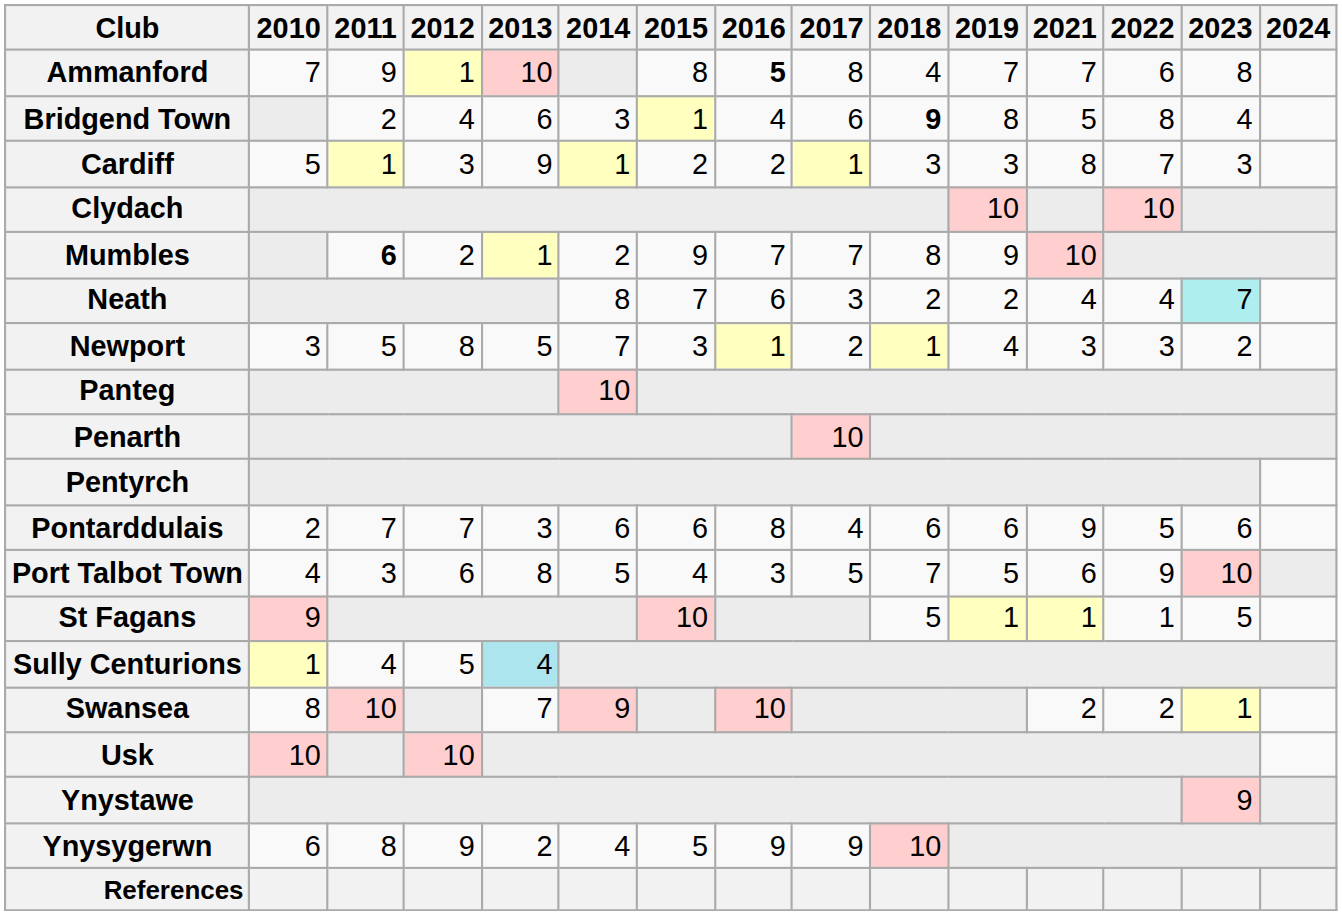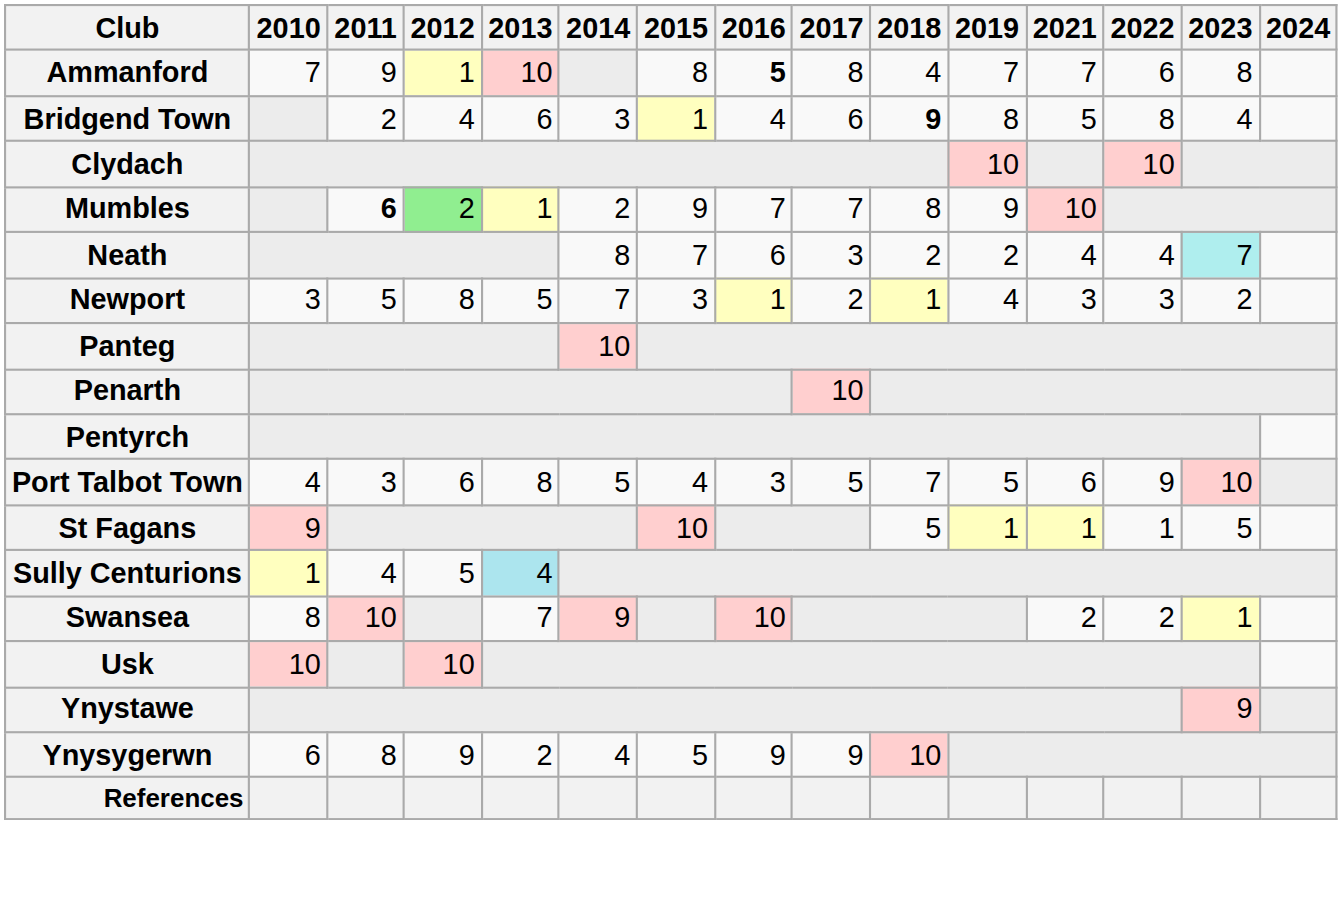 <table class="wikitable plainrowheaders" style="font-size:85%; text-align: right;">
 <tr>
 <th scope="col">Club</th>
 <th scope="col">2010</th>
 <th scope="col">2011</th>
 <th scope="col">2012</th>
 <th scope="col">2013</th>
 <th scope="col">2014</th>
 <th scope="col">2015</th>
 <th scope="col">2016</th>
 <th scope="col">2017</th>
 <th scope="col">2018</th>
 <th scope="col">2019</th>
 <th scope="col">2021</th>
 <th scope="col">2022</th>
 <th scope="col">2023</th>
 <th scope="col">2024</th>
 </tr>
 <tr>
 <th scope="row">Ammanford</th>
 <td>7</td>
 <td>9</td>
 <td bgcolor="#ffffbf">1</td>
 <td bgcolor="#ffcfcf">10</td>
 <td bgcolor="#ececec"></td>
 <td>8</td>
 <td><strong>5</strong></td>
 <td>8</td>
 <td>4</td>
 <td>7</td>
 <td>7</td>
 <td>6</td>
 <td>8</td>
 <td></td>
 </tr>
 <tr>
 <th scope="row">Bridgend Town</th>
 <td bgcolor="#ececec"></td>
 <td>2</td>
 <td>4</td>
 <td>6</td>
 <td>3</td>
 <td bgcolor="#ffffbf">1</td>
 <td>4</td>
 <td>6</td>
 <td><strong>9</strong></td>
 <td>8</td>
 <td>5</td>
 <td>8</td>
 <td>4</td>
 <td></td>
 </tr>
 <tr>
-<th scope="row">Cardiff</th>
-<td>5</td>
-<td bgcolor="#ffffbf">1</td>
-<td>3</td>
-<td>9</td>
-<td bgcolor="#ffffbf">1</td>
-<td>2</td>
-<td>2</td>
-<td bgcolor="#ffffbf">1</td>
-<td>3</td>
-<td>3</td>
-<td>8</td>
-<td>7</td>
-<td>3</td>
-<td></td>
-</tr>
-<tr>
 <th scope="row">Clydach</th>
 <td bgcolor="#ececec" colspan="9"></td>
 <td bgcolor="#ffcfcf">10</td>
 <td bgcolor="#ececec" colspan="1"></td>
 <td bgcolor="#ffcfcf">10</td>
 <td bgcolor="#ececec" colspan="2"></td>
 </tr>
 <tr>
 <th scope="row">Mumbles</th>
 <td bgcolor="#ececec"></td>
 <td><strong>6</strong></td>
-<td>2</td>
+<td style="background: lightgreen;">2</td>
 <td bgcolor="#ffffbf">1</td>
 <td>2</td>
 <td>9</td>
 <td>7</td>
 <td>7</td>
 <td>8</td>
 <td>9</td>
 <td bgcolor="#ffcfcf">10</td>
 <td bgcolor="#ececec" colspan="3"></td>
 </tr>
 <tr>
 <th scope="row">Neath</th>
 <td bgcolor="#ececec" colspan="4"></td>
 <td>8</td>
 <td>7</td>
 <td>6</td>
 <td>3</td>
 <td>2</td>
 <td>2</td>
 <td>4</td>
 <td>4</td>
 <td style="background: paleturquoise;">7</td>
 <td></td>
 </tr>
 <tr>
 <th scope="row">Newport</th>
 <td>3</td>
 <td>5</td>
 <td>8</td>
 <td>5</td>
 <td>7</td>
 <td>3</td>
 <td bgcolor="#ffffbf">1</td>
 <td>2</td>
 <td bgcolor="#ffffbf">1</td>
 <td>4</td>
 <td>3</td>
 <td>3</td>
 <td>2</td>
 <td></td>
 </tr>
 <tr>
 <th scope="row">Panteg</th>
 <td bgcolor="#ececec" colspan="4"></td>
 <td bgcolor="#ffcfcf">10</td>
 <td bgcolor="#ececec" colspan="9"></td>
 </tr>
 <tr>
 <th scope="row">Penarth</th>
 <td bgcolor="#ececec" colspan="7"></td>
 <td bgcolor="#ffcfcf">10</td>
 <td bgcolor="#ececec" colspan="6"></td>
 </tr>
 <tr>
 <th scope="row">Pentyrch</th>
 <td bgcolor="#ececec" colspan="13"></td>
-<td></td>
-</tr>
-<tr>
-<th scope="row">Pontarddulais</th>
-<td>2</td>
-<td>7</td>
-<td>7</td>
-<td>3</td>
-<td>6</td>
-<td>6</td>
-<td>8</td>
-<td>4</td>
-<td>6</td>
-<td>6</td>
-<td>9</td>
-<td>5</td>
-<td>6</td>
 <td></td>
 </tr>
 <tr>
 <th scope="row">Port Talbot Town</th>
 <td>4</td>
 <td>3</td>
 <td>6</td>
 <td>8</td>
 <td>5</td>
 <td>4</td>
 <td>3</td>
 <td>5</td>
 <td>7</td>
 <td>5</td>
 <td>6</td>
 <td>9</td>
 <td bgcolor="#ffcfcf">10</td>
 <td bgcolor="#ececec" colspan="1"></td>
 </tr>
 <tr>
 <th scope="row">St Fagans</th>
 <td bgcolor="#ffcfcf">9</td>
 <td bgcolor="#ececec" colspan="4"></td>
 <td bgcolor="#ffcfcf">10</td>
 <td bgcolor="#ececec" colspan="2"></td>
 <td>5</td>
 <td bgcolor="#ffffbf">1</td>
 <td bgcolor="#ffffbf">1</td>
 <td>1</td>
 <td>5</td>
 <td></td>
 </tr>
 <tr>
 <th scope="row">Sully Centurions </th>
 <td bgcolor="#ffffbf">1</td>
 <td>4</td>
 <td>5</td>
 <td bgcolor="#ace5ee">4</td>
 <td bgcolor="#ececec" colspan="10"></td>
 </tr>
 <tr>
 <th scope="row">Swansea</th>
 <td>8</td>
 <td bgcolor="#ffcfcf">10</td>
 <td bgcolor="#ececec"></td>
 <td>7</td>
 <td bgcolor="#ffcfcf">9</td>
 <td bgcolor="#ececec"></td>
 <td bgcolor="#ffcfcf">10</td>
 <td bgcolor="#ececec" colspan="3"></td>
 <td>2</td>
 <td>2</td>
 <td bgcolor="#ffffbf">1</td>
 <td></td>
 </tr>
 <tr>
 <th scope="row">Usk</th>
 <td bgcolor="#ffcfcf">10</td>
 <td bgcolor="#ececec"></td>
 <td bgcolor="#ffcfcf">10</td>
 <td bgcolor="#ececec" colspan="10"></td>
 <td></td>
 </tr>
 <tr>
 <th scope="row">Ynystawe</th>
 <td bgcolor="#ececec" colspan="12"></td>
 <td bgcolor="#ffcfcf">9</td>
 <td bgcolor="#ececec" colspan="1"></td>
 </tr>
 <tr>
 <th scope="row">Ynysygerwn</th>
 <td>6</td>
 <td>8</td>
 <td>9</td>
 <td>2</td>
 <td>4</td>
 <td>5</td>
 <td>9</td>
 <td>9</td>
 <td bgcolor="#ffcfcf">10</td>
 <td bgcolor="#ececec" colspan="5"></td>
 </tr>
 <tr style="font-size:90%; text-align:center">
 <th scope="row" style="text-align: right">References</th>
 <th scope="col"></th>
 <th scope="col"></th>
 <th scope="col"></th>
 <th scope="col"></th>
 <th scope="col"></th>
 <th scope="col"></th>
 <th scope="col"></th>
 <th scope="col"></th>
 <th scope="col"></th>
 <th scope="col"></th>
 <th scope="col"></th>
 <th scope="col"></th>
 <th scope="col"></th>
 <th scope="col"></th>
 </tr>
 </table>
